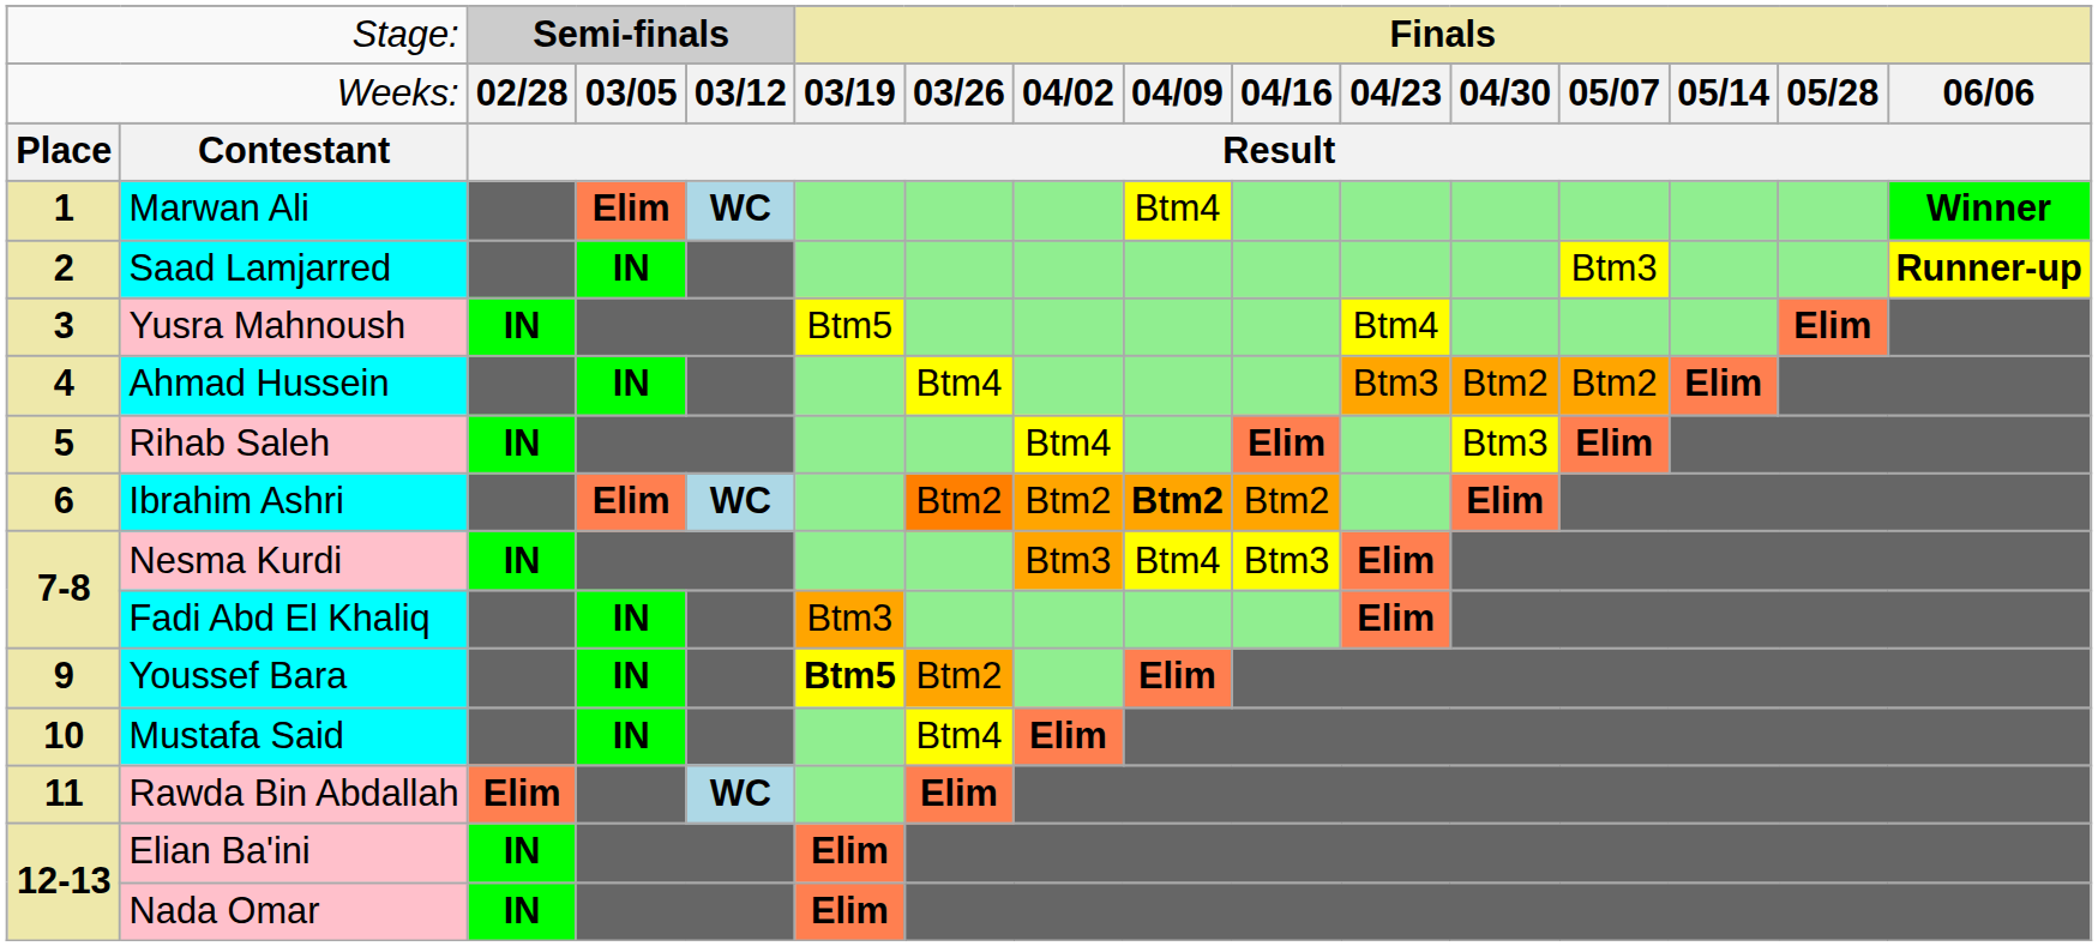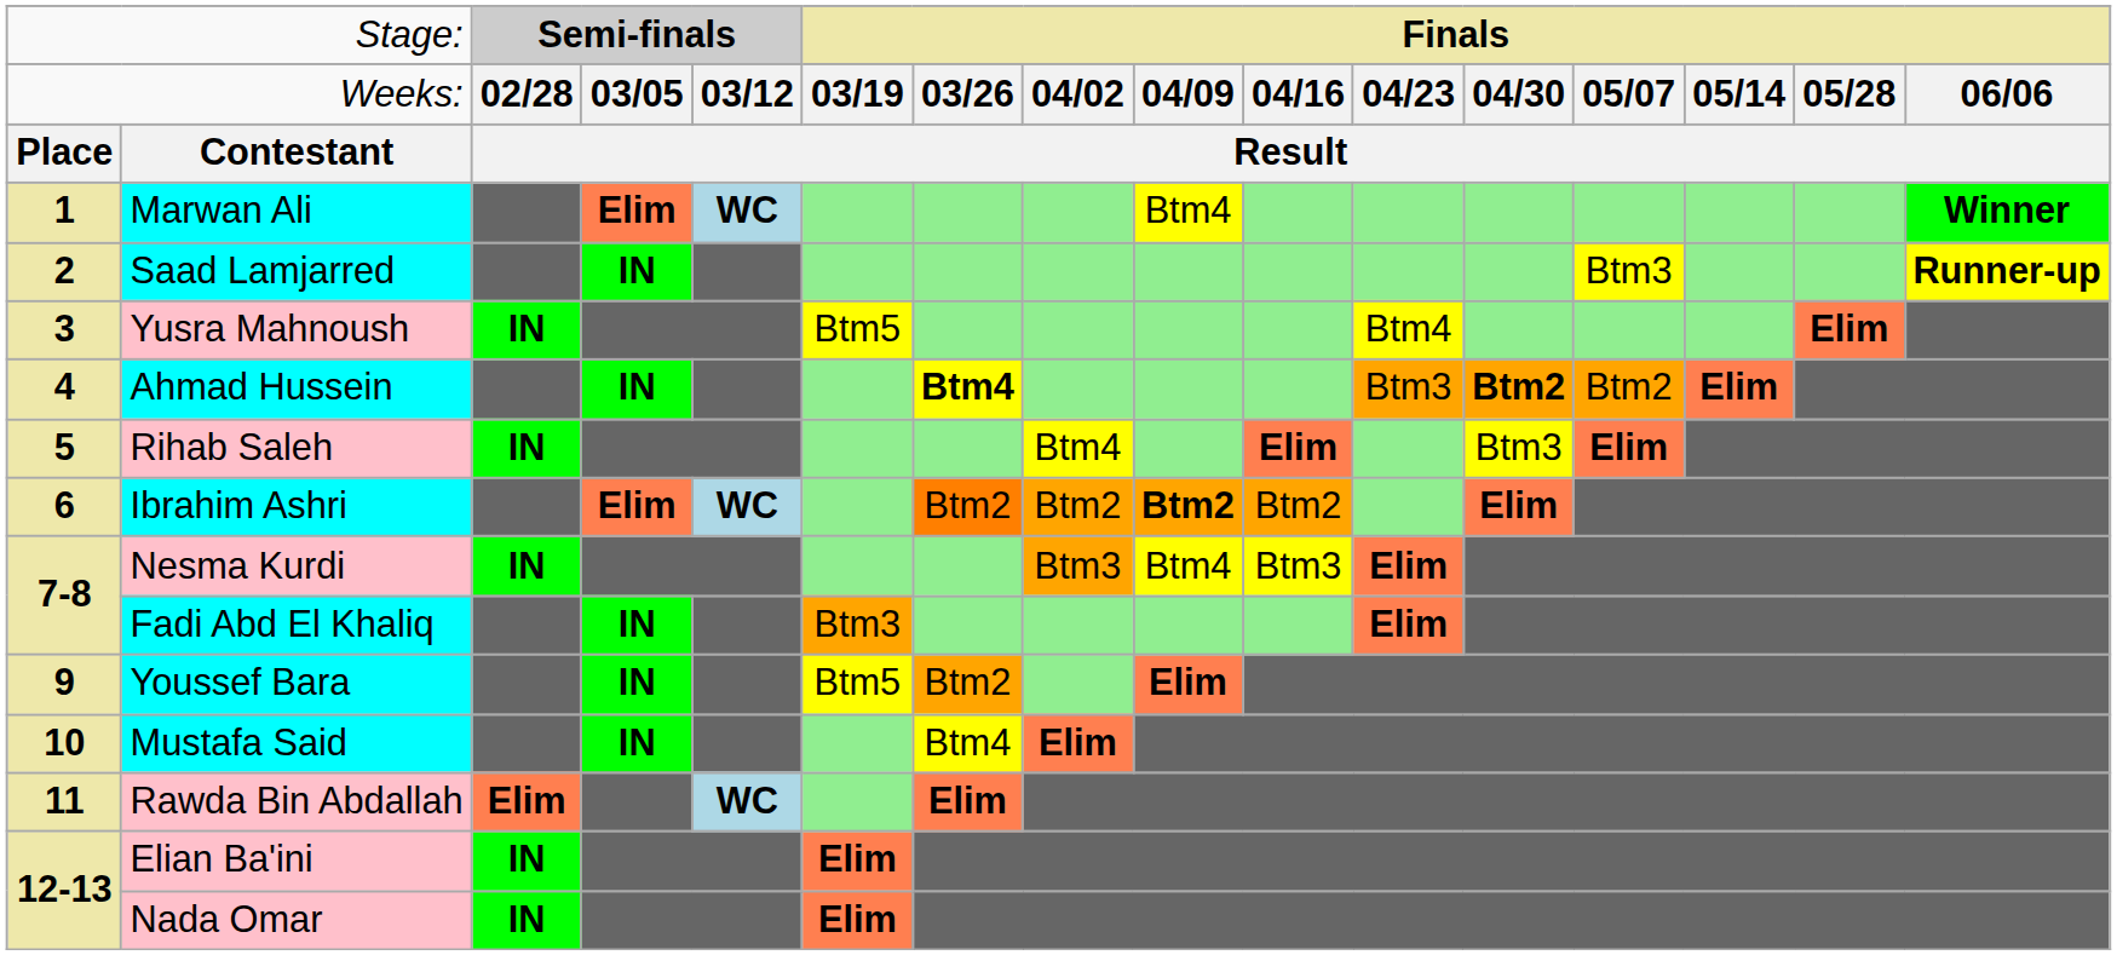 <table class="wikitable" style="margin:auto;">
 <tr>
 <td colspan="2" style="text-align:right;"><em>Stage:</em></td>
 <td colspan="3"  style="background:#ccc; text-align:Center;"><strong>Semi-finals</strong></td>
 <td colspan="11"  style="background:palegoldenrod; text-align:Center;"><strong>Finals</strong></td>
 </tr>
 <tr>
 <td colspan="2" style="text-align:right;"><em>Weeks:</em></td>
 <th>02/28</th>
 <th>03/05</th>
 <th>03/12</th>
 <th>03/19</th>
 <th>03/26</th>
 <th>04/02</th>
 <th>04/09</th>
 <th>04/16</th>
 <th>04/23</th>
 <th>04/30</th>
 <th>05/07</th>
 <th>05/14</th>
 <th>05/28</th>
 <th>06/06</th>
 </tr>
 <tr>
 <th>Place</th>
 <th>Contestant</th>
 <th colspan="17" style="text-align:center;">Result</th>
 </tr>
 <tr>
 <td style="text-align:center; background:palegoldenrod;"><strong>1</strong></td>
 <td style="background:cyan;">Marwan Ali</td>
 <td style="background:#666;"></td>
 <td style="background:coral; text-align:center;"><strong>Elim</strong></td>
 <td style="background:lightblue; text-align:center;"><strong>WC</strong></td>
 <td style="background: lightgreen"></td>
 <td style="background: lightgreen"></td>
 <td style="background: lightgreen"></td>
 <td style="background:yellow; text-align:center;">Btm4</td>
 <td style="background: lightgreen"></td>
 <td style="background: lightgreen"></td>
 <td style="background: lightgreen"></td>
 <td style="background: lightgreen"></td>
 <td style="background: lightgreen"></td>
 <td style="background: lightgreen"></td>
 <td style="background:Lime; text-align:center;"><strong>Winner</strong></td>
 </tr>
 <tr>
 <td style="text-align:center; background:palegoldenrod;"><strong>2</strong></td>
 <td style="background:cyan;">Saad Lamjarred</td>
 <td style="background:#666;"></td>
 <td style="background:lime; text-align:center;"><strong>IN</strong></td>
 <td style="background:#666;"></td>
 <td style="background: lightgreen"></td>
 <td style="background: lightgreen"></td>
 <td style="background: lightgreen"></td>
 <td style="background: lightgreen"></td>
 <td style="background: lightgreen"></td>
 <td style="background: lightgreen"></td>
 <td style="background: lightgreen"></td>
 <td style="background:yellow; text-align:center;">Btm3</td>
 <td style="background: lightgreen"></td>
 <td style="background: lightgreen"></td>
 <td style="background:yellow; text-align:center;"><strong>Runner-up</strong></td>
 </tr>
 <tr>
 <td style="text-align:center; background:palegoldenrod;"><strong>3</strong></td>
 <td style="background:pink;">Yusra Mahnoush</td>
 <td style="background:lime; text-align:center;"><strong>IN</strong></td>
 <td style="background:#666;" colspan="2"></td>
 <td style="background:yellow; text-align:center;">Btm5</td>
 <td style="background: lightgreen"></td>
 <td style="background: lightgreen"></td>
 <td style="background: lightgreen"></td>
 <td style="background: lightgreen"></td>
 <td style="background:yellow; text-align:center;">Btm4</td>
 <td style="background: lightgreen"></td>
 <td style="background: lightgreen"></td>
 <td style="background: lightgreen"></td>
 <td style="background:coral; text-align:center;"><strong>Elim</strong></td>
 <td style="background:#666;"></td>
 </tr>
 <tr>
 <td style="text-align:center; background:palegoldenrod;"><strong>4</strong></td>
 <td style="background:cyan;">Ahmad Hussein</td>
 <td style="background:#666;"></td>
 <td style="background:lime; text-align:center;"><strong>IN</strong></td>
 <td style="background:#666;"></td>
 <td style="background: lightgreen"></td>
-<td style="background:yellow; text-align:center;">Btm4</td>
+<td style="background:yellow; text-align:center;"><strong>Btm4</strong></td>
 <td style="background: lightgreen"></td>
 <td style="background: lightgreen"></td>
 <td style="background: lightgreen"></td>
 <td style="background:orange; text-align:center;">Btm3</td>
-<td style="background:orange; text-align:center;">Btm2</td>
+<td style="background:orange; text-align:center;"><strong>Btm2</strong></td>
 <td style="background:orange; text-align:center;">Btm2</td>
 <td style="background:coral; text-align:center;"><strong>Elim</strong></td>
 <td colspan="2" style="background:#666;"></td>
 </tr>
 <tr>
 <td style="text-align:center; background:palegoldenrod;"><strong>5</strong></td>
 <td style="background:pink;">Rihab Saleh</td>
 <td style="background:lime; text-align:center;"><strong>IN</strong></td>
 <td style="background:#666;" colspan="2"></td>
 <td style="background: lightgreen"></td>
 <td style="background: lightgreen"></td>
 <td style="background:yellow; text-align:center;">Btm4</td>
 <td style="background: lightgreen"></td>
 <td style="background:coral; text-align:center;"><strong>Elim</strong></td>
 <td style="background: lightgreen"></td>
 <td style="background:yellow; text-align:center;">Btm3</td>
 <td style="background:coral; text-align:center;"><strong>Elim</strong></td>
 <td colspan="3" style="background:#666;"></td>
 </tr>
 <tr>
 <td style="text-align:center; background:palegoldenrod;"><strong>6</strong></td>
 <td style="background:cyan;">Ibrahim Ashri</td>
 <td style="background:#666;"></td>
 <td style="background:coral; text-align:center;"><strong>Elim</strong></td>
 <td style="background:lightblue; text-align:center;"><strong>WC</strong></td>
 <td style="background: lightgreen"></td>
 <td style="background:#ff7f00; text-align:center;">Btm2</td>
 <td style="background:orange; text-align:center;">Btm2</td>
 <td style="background:orange; text-align:center;"><strong>Btm2</strong></td>
 <td style="background:orange; text-align:center;">Btm2</td>
 <td style="background: lightgreen"></td>
 <td style="background:coral; text-align:center;"><strong>Elim</strong></td>
 <td colspan="4" style="background:#666;"></td>
 </tr>
 <tr>
 <td style="text-align:center; background:palegoldenrod;" rowspan="2"><strong>7-8</strong></td>
 <td style="background:pink;">Nesma Kurdi</td>
 <td style="background:lime; text-align:center;"><strong>IN</strong></td>
 <td style="background:#666;" colspan="2"></td>
 <td style="background: lightgreen"></td>
 <td style="background: lightgreen"></td>
 <td style="background:orange; text-align:center;">Btm3</td>
 <td style="background:yellow; text-align:center;">Btm4</td>
 <td style="background:yellow; text-align:center;">Btm3</td>
 <td style="background:coral; text-align:center;"><strong>Elim</strong></td>
 <td colspan="6" style="background:#666;"></td>
 </tr>
 <tr>
 <td style="background:cyan;">Fadi Abd El Khaliq</td>
 <td style="background:#666;"></td>
 <td style="background:lime; text-align:center;"><strong>IN</strong></td>
 <td style="background:#666;"></td>
 <td style="background:orange; text-align:center;">Btm3</td>
 <td style="background: lightgreen"></td>
 <td style="background: lightgreen"></td>
 <td style="background: lightgreen"></td>
 <td style="background: lightgreen"></td>
 <td style="background:coral; text-align:center;"><strong>Elim</strong></td>
 <td colspan="8" style="background:#666;"></td>
 </tr>
 <tr>
 <td style="text-align:center; background:palegoldenrod;"><strong>9</strong></td>
 <td style="background:cyan;">Youssef Bara</td>
 <td style="background:#666;"></td>
 <td style="background:lime; text-align:center;"><strong>IN</strong></td>
 <td style="background:#666;"></td>
-<td style="background:yellow; text-align:center;"><strong>Btm5</strong></td>
+<td style="background:yellow; text-align:center;">Btm5</td>
 <td style="background:orange; text-align:center;">Btm2</td>
 <td style="background: lightgreen"></td>
 <td style="background:coral; text-align:center;"><strong>Elim</strong></td>
 <td colspan="7" style="background:#666;"></td>
 </tr>
 <tr>
 <td style="text-align:center; background:palegoldenrod;"><strong>10</strong></td>
 <td style="background:cyan;">Mustafa Said</td>
 <td style="background:#666;"></td>
 <td style="background:lime; text-align:center;"><strong>IN</strong></td>
 <td style="background:#666;"></td>
 <td style="background: lightgreen"></td>
 <td style="background:yellow; text-align:center;">Btm4</td>
 <td style="background:coral; text-align:center;"><strong>Elim</strong></td>
 <td colspan="9" style="background:#666;"></td>
 </tr>
 <tr>
 <td style="text-align:center; background:palegoldenrod;"><strong>11</strong></td>
 <td style="background:pink;">Rawda Bin Abdallah</td>
 <td style="background:coral; text-align:center;"><strong>Elim</strong></td>
 <td style="background:#666;"></td>
 <td style="background:lightblue; text-align:center;"><strong>WC</strong></td>
 <td style="background: lightgreen"></td>
 <td style="background:coral; text-align:center;"><strong>Elim</strong></td>
 <td colspan="9" style="background:#666;"></td>
 </tr>
 <tr>
 <td style="text-align:center; background:palegoldenrod;" rowspan="2"><strong>12-13</strong></td>
 <td style="background:pink;">Elian Ba'ini</td>
 <td style="background:lime; text-align:center;"><strong>IN</strong></td>
 <td style="background:#666;" colspan="2"></td>
 <td style="background:coral; text-align:center;"><strong>Elim</strong></td>
 <td colspan="11" style="background:#666;"></td>
 </tr>
 <tr>
 <td style="background:pink;">Nada Omar</td>
 <td style="background:lime; text-align:center;"><strong>IN</strong></td>
 <td style="background:#666;" colspan="2"></td>
 <td style="background:coral; text-align:center;"><strong>Elim</strong></td>
 <td colspan="11" style="background:#666;"></td>
 </tr>
 </table>
